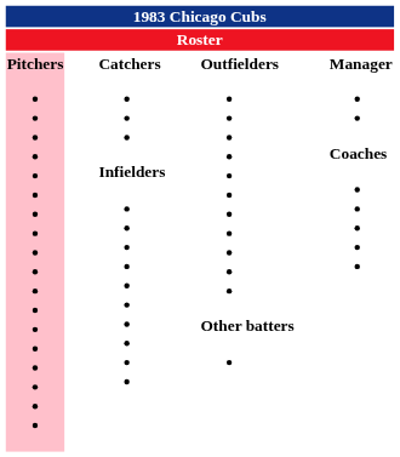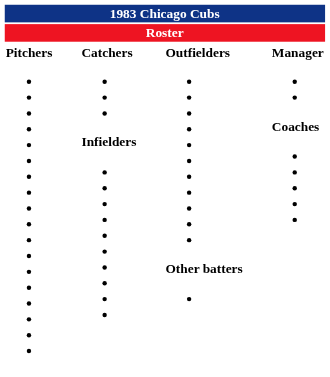 <table class="toccolours" style="font-size: 95%;">
 <tr>
 <th colspan="10" style="background:#0e3386; color:#fff; text-align:center;">1983 Chicago Cubs</th>
 </tr>
 <tr>
 <td colspan="10" style="background:#ee1422; color:#fff; text-align:center;"><strong>Roster</strong></td>
 </tr>
 <tr>
-<td valign="top" style="background: pink;"><strong>Pitchers</strong><br><ul><li></li><li></li><li></li><li></li><li></li><li></li><li></li><li></li><li></li><li></li><li></li><li></li><li></li><li></li><li></li><li></li><li></li><li></li></ul></td>
+<td valign="top"><strong>Pitchers</strong><br><ul><li></li><li></li><li></li><li></li><li></li><li></li><li></li><li></li><li></li><li></li><li></li><li></li><li></li><li></li><li></li><li></li><li></li><li></li></ul></td>
 <td style="width:25px;"></td>
 <td valign="top"><strong>Catchers</strong><br><ul><li></li><li></li><li></li></ul><strong>Infielders</strong><ul><li></li><li></li><li></li><li></li><li></li><li></li><li></li><li></li><li></li><li></li></ul></td>
 <td style="width:25px;"></td>
 <td valign="top"><strong>Outfielders</strong><br><ul><li></li><li></li><li></li><li></li><li></li><li></li><li></li><li></li><li></li><li></li><li></li></ul><strong>Other batters</strong><ul><li></li></ul></td>
 <td style="width:25px;"></td>
 <td valign="top"><strong>Manager</strong><br><ul><li></li><li></li></ul><strong>Coaches</strong><ul><li></li><li></li><li></li><li></li><li></li></ul></td>
 </tr>
 </table>
